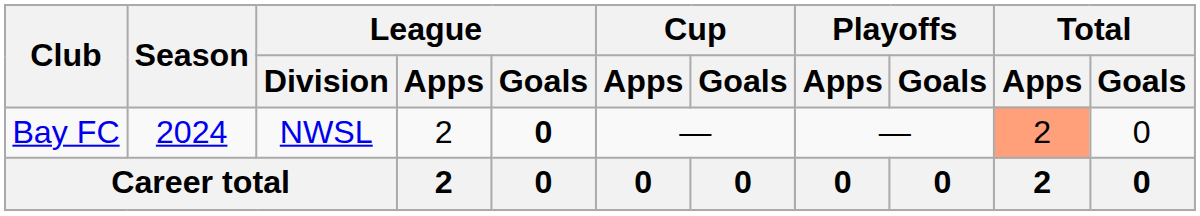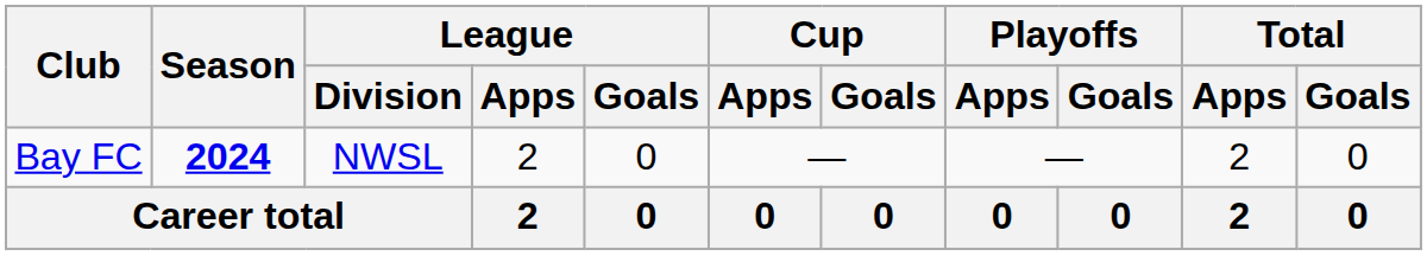 <table class="wikitable" style="text-align: center;">
 <tr>
 <th rowspan="2">Club</th>
 <th rowspan="2">Season</th>
 <th colspan="3">League</th>
 <th colspan="2">Cup</th>
 <th colspan="2">Playoffs</th>
 <th colspan="2">Total</th>
 </tr>
 <tr>
 <th>Division</th>
 <th>Apps</th>
 <th>Goals</th>
 <th>Apps</th>
 <th>Goals</th>
 <th>Apps</th>
 <th>Goals</th>
 <th>Apps</th>
 <th>Goals</th>
 </tr>
 <tr>
 <td><a href='#'>Bay FC</a></td>
-<td><a href='#'>2024</a></td>
+<td><strong><a href='#'>2024</a></strong></td>
 <td><a href='#'>NWSL</a></td>
 <td>2</td>
-<td><strong>0</strong></td>
+<td>0</td>
 <td colspan="2">—</td>
 <td colspan="2">—</td>
-<td style="background: lightsalmon;">2</td>
+<td>2</td>
 <td>0</td>
 </tr>
 <tr>
 <th colspan="3">Career total</th>
 <th>2</th>
 <th>0</th>
 <th>0</th>
 <th>0</th>
 <th>0</th>
 <th>0</th>
 <th>2</th>
 <th>0</th>
 </tr>
 </table>
